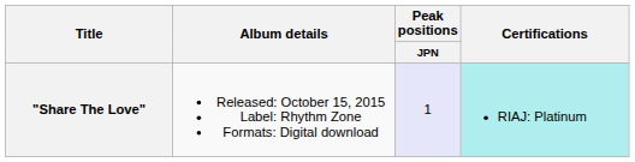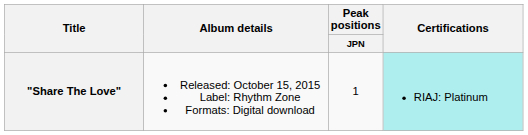 <table class="wikitable plainrowheaders" style="text-align:center;">
 <tr>
 <th style="width:12em;" rowspan="2">Title</th>
 <th style="width:16em;" rowspan="2">Album details</th>
 <th colspan="1">Peak positions</th>
 <th style="width:12em;" rowspan="2">Certifications</th>
 </tr>
 <tr>
 <th style="width:2.5em;"><small>JPN</small><br></th>
 </tr>
 <tr>
 <th scope="row">"Share The Love"</th>
 <td><br><ul><li>Released: October 15, 2015 </li><li>Label: Rhythm Zone</li><li>Formats: Digital download</li></ul></td>
-<td style="background: lavender;">1</td>
+<td>1</td>
 <td align="left" style="background: paleturquoise;"><br><ul><li>RIAJ: Platinum</li></ul></td>
 </tr>
 </table>
